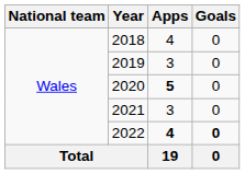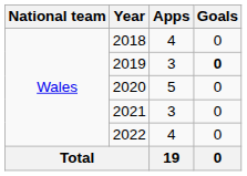 <table class=wikitable style=text-align:center>
 <tr>
 <th>National team</th>
 <th>Year</th>
 <th>Apps</th>
 <th>Goals</th>
 </tr>
 <tr>
 <td rowspan="5"><a href='#'>Wales</a></td>
 <td>2018</td>
 <td>4</td>
 <td>0</td>
 </tr>
 <tr>
 <td>2019</td>
 <td>3</td>
-<td>0</td>
+<td><strong>0</strong></td>
 </tr>
 <tr>
 <td>2020</td>
-<td><strong>5</strong></td>
+<td>5</td>
 <td>0</td>
 </tr>
 <tr>
 <td>2021</td>
 <td>3</td>
 <td>0</td>
 </tr>
 <tr>
 <td>2022</td>
-<td><strong>4</strong></td>
-<td><strong>0</strong></td>
+<td>4</td>
+<td>0</td>
 </tr>
 <tr>
 <th colspan="2">Total</th>
 <th>19</th>
 <th>0</th>
 </tr>
 </table>
